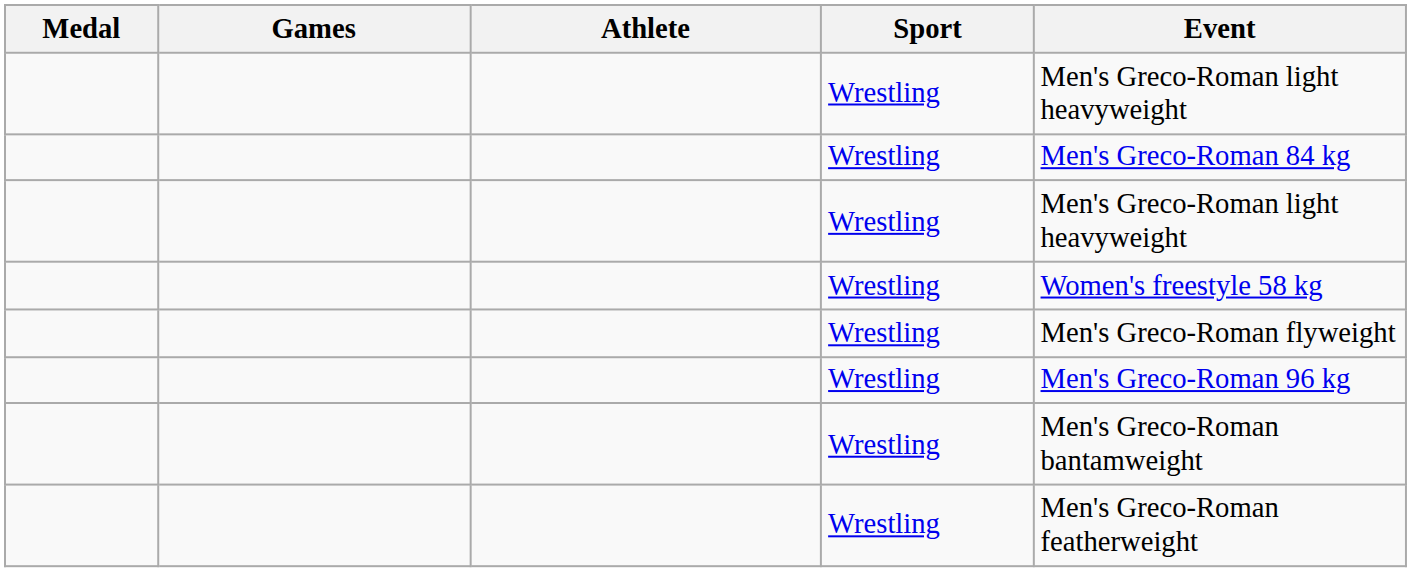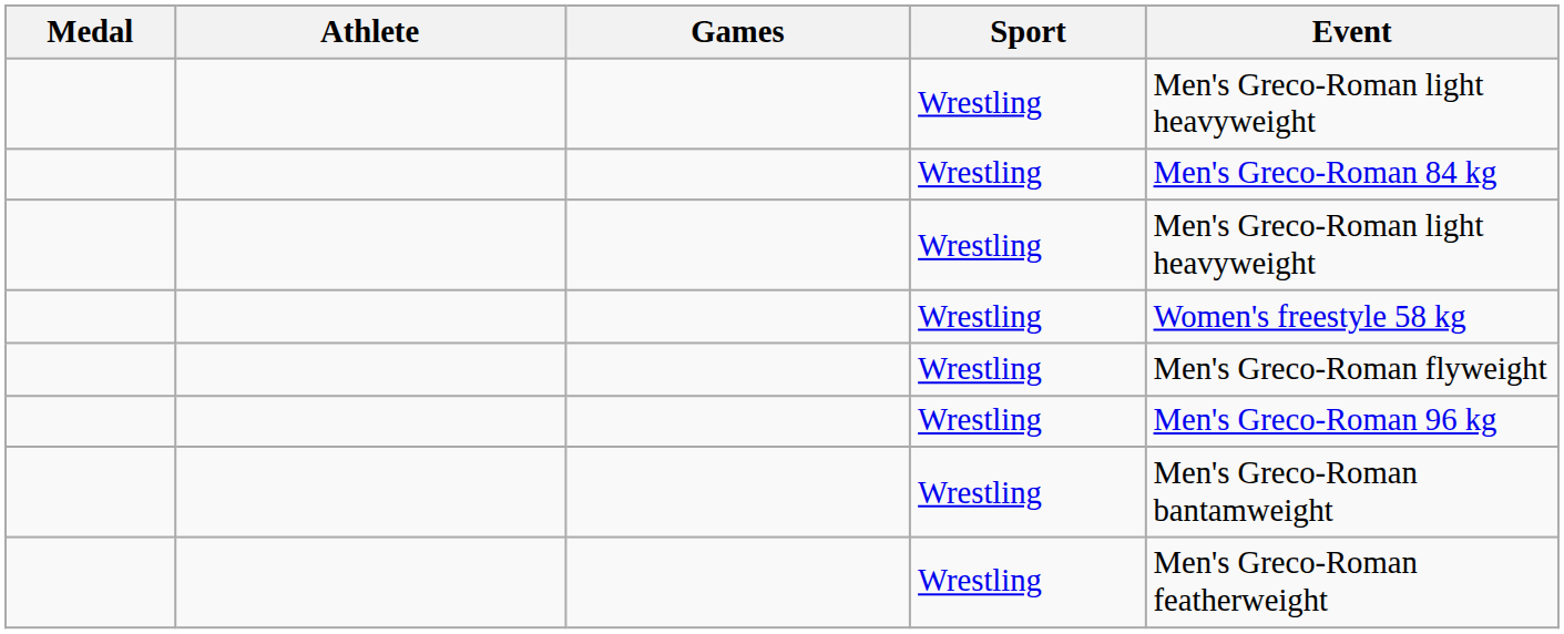 <table class="wikitable sortable" style="font-size:90%">
 <tr>
 <th width="70">Medal</th>
+<th width="170">Athlete</th>
 <th width="150">Games</th>
-<th width="170">Athlete</th>
 <th width="100">Sport</th>
 <th width="180">Event</th>
 </tr>
 <tr>
 <td></td>
+<td> </td>
 <td></td>
-<td> </td>
 <td> <a href='#'>Wrestling</a></td>
 <td>Men's Greco-Roman light heavyweight</td>
 </tr>
 <tr>
 <td></td>
+<td> </td>
 <td></td>
-<td> </td>
 <td> <a href='#'>Wrestling</a></td>
 <td><a href='#'>Men's Greco-Roman 84 kg</a></td>
 </tr>
 <tr>
 <td></td>
+<td> </td>
 <td></td>
-<td> </td>
 <td> <a href='#'>Wrestling</a></td>
 <td>Men's Greco-Roman light heavyweight</td>
 </tr>
 <tr>
 <td></td>
+<td> </td>
 <td></td>
-<td> </td>
 <td> <a href='#'>Wrestling</a></td>
 <td> <a href='#'>Women's freestyle 58 kg</a></td>
 </tr>
 <tr>
 <td></td>
+<td> </td>
 <td></td>
-<td> </td>
 <td><a href='#'>Wrestling</a></td>
 <td>Men's Greco-Roman flyweight</td>
 </tr>
 <tr>
 <td></td>
+<td> </td>
 <td></td>
-<td> </td>
 <td><a href='#'>Wrestling</a></td>
 <td><a href='#'>Men's Greco-Roman 96 kg</a></td>
 </tr>
 <tr>
 <td></td>
+<td> </td>
 <td></td>
-<td> </td>
 <td> <a href='#'>Wrestling</a></td>
 <td>Men's Greco-Roman bantamweight</td>
 </tr>
 <tr>
 <td></td>
+<td> </td>
 <td></td>
-<td> </td>
 <td><a href='#'>Wrestling</a></td>
 <td>Men's Greco-Roman featherweight</td>
 </tr>
 </table>
